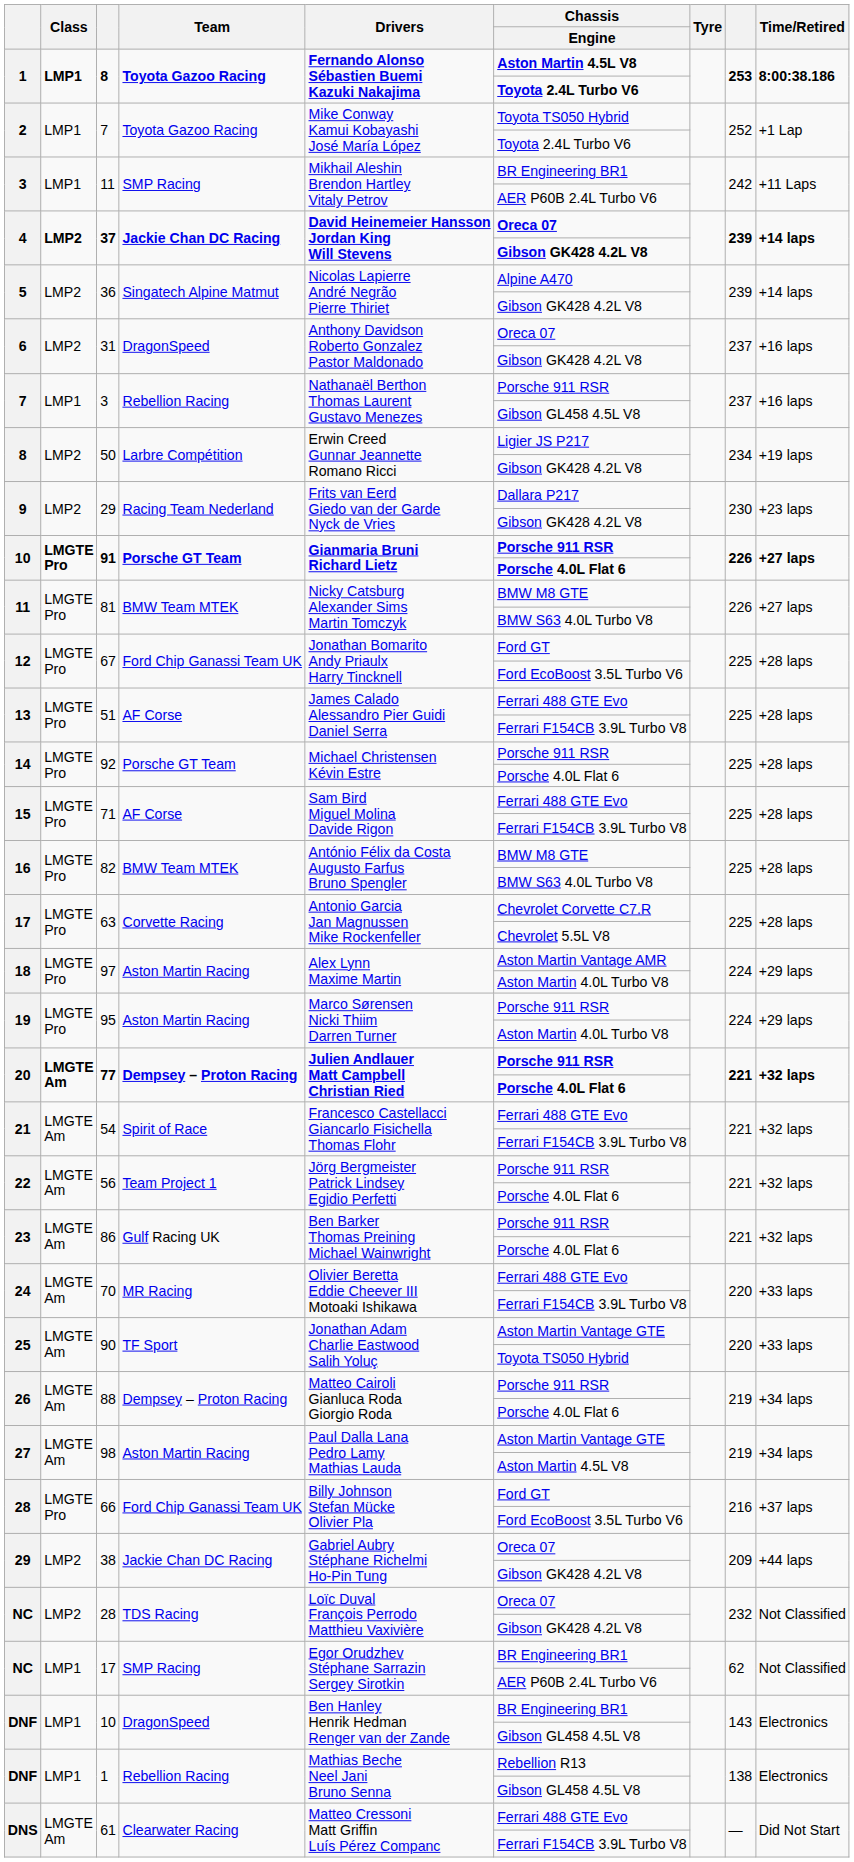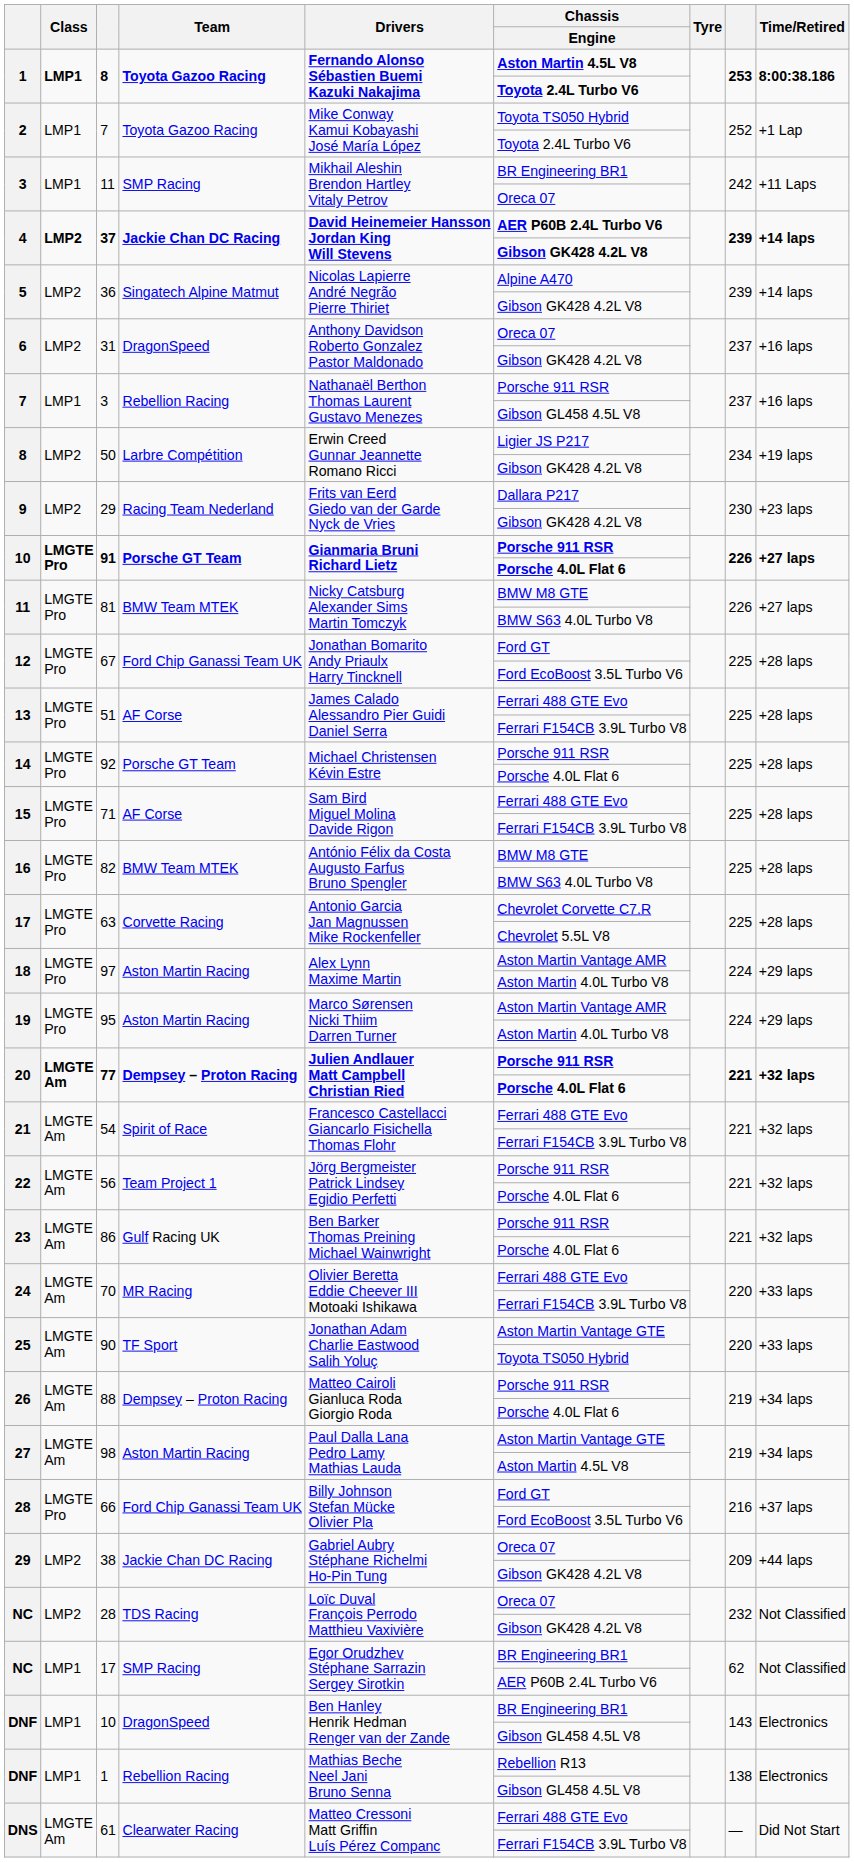 <table class="wikitable" style="font-size:95%;">
 <tr>
 <th rowspan=2></th>
 <th rowspan=2>Class</th>
 <th rowspan=2></th>
 <th rowspan=2>Team</th>
 <th rowspan=2>Drivers</th>
 <th>Chassis</th>
 <th rowspan=2>Tyre</th>
 <th rowspan=2></th>
 <th rowspan=2>Time/Retired</th>
 </tr>
 <tr>
 <th>Engine</th>
 </tr>
 <tr style="font-weight:bold;">
 <th rowspan=2>1</th>
 <td rowspan=2>LMP1</td>
 <td rowspan=2>8</td>
 <td rowspan=2> <a href='#'>Toyota Gazoo Racing</a></td>
 <td rowspan=2> <a href='#'>Fernando Alonso</a><br> <a href='#'>Sébastien Buemi</a><br> <a href='#'>Kazuki Nakajima</a></td>
 <td><a href='#'>Aston Martin</a> 4.5L V8</td>
 <td rowspan=2></td>
 <td rowspan=2>253</td>
 <td rowspan=2>8:00:38.186</td>
 </tr>
 <tr style="font-weight:bold;">
 <td><a href='#'>Toyota</a> 2.4L Turbo V6</td>
 </tr>
 <tr>
 <th rowspan=2>2</th>
 <td rowspan=2>LMP1</td>
 <td rowspan=2>7</td>
 <td rowspan=2> <a href='#'>Toyota Gazoo Racing</a></td>
 <td rowspan=2> <a href='#'>Mike Conway</a><br> <a href='#'>Kamui Kobayashi</a><br> <a href='#'>José María López</a></td>
 <td><a href='#'>Toyota TS050 Hybrid</a></td>
 <td rowspan=2></td>
 <td rowspan=2>252</td>
 <td rowspan=2>+1 Lap</td>
 </tr>
 <tr>
 <td><a href='#'>Toyota</a> 2.4L Turbo V6</td>
 </tr>
 <tr>
 <th rowspan=2>3</th>
 <td rowspan=2>LMP1</td>
 <td rowspan=2>11</td>
 <td rowspan=2> <a href='#'>SMP Racing</a></td>
 <td rowspan=2> <a href='#'>Mikhail Aleshin</a><br> <a href='#'>Brendon Hartley</a><br> <a href='#'>Vitaly Petrov</a></td>
 <td><a href='#'>BR Engineering BR1</a></td>
 <td rowspan=2></td>
 <td rowspan=2>242</td>
 <td rowspan=2>+11 Laps</td>
 </tr>
 <tr>
-<td><a href='#'>AER</a> P60B 2.4L Turbo V6</td>
+<td><a href='#'>Oreca 07</a></td>
 </tr>
 <tr style="font-weight:bold;">
 <th rowspan=2>4</th>
 <td rowspan=2>LMP2</td>
 <td rowspan=2>37</td>
 <td rowspan=2> <a href='#'>Jackie Chan DC Racing</a></td>
 <td rowspan=2> <a href='#'>David Heinemeier Hansson</a><br> <a href='#'>Jordan King</a><br> <a href='#'>Will Stevens</a></td>
-<td><a href='#'>Oreca 07</a></td>
+<td><a href='#'>AER</a> P60B 2.4L Turbo V6</td>
 <td rowspan=2></td>
 <td rowspan=2>239</td>
 <td rowspan=2>+14 laps</td>
 </tr>
 <tr style="font-weight:bold;">
 <td><a href='#'>Gibson</a> GK428 4.2L V8</td>
 </tr>
 <tr>
 <th rowspan=2>5</th>
 <td rowspan=2>LMP2</td>
 <td rowspan=2>36</td>
 <td rowspan=2> <a href='#'>Singatech Alpine Matmut</a></td>
 <td rowspan=2> <a href='#'>Nicolas Lapierre</a><br> <a href='#'>André Negrão</a><br> <a href='#'>Pierre Thiriet</a></td>
 <td><a href='#'>Alpine A470</a></td>
 <td rowspan=2></td>
 <td rowspan=2>239</td>
 <td rowspan=2>+14 laps</td>
 </tr>
 <tr>
 <td><a href='#'>Gibson</a> GK428 4.2L V8</td>
 </tr>
 <tr>
 <th rowspan=2>6</th>
 <td rowspan=2>LMP2</td>
 <td rowspan=2>31</td>
 <td rowspan=2> <a href='#'>DragonSpeed</a></td>
 <td rowspan=2> <a href='#'>Anthony Davidson</a><br> <a href='#'>Roberto Gonzalez</a><br> <a href='#'>Pastor Maldonado</a></td>
 <td><a href='#'>Oreca 07</a></td>
 <td rowspan=2></td>
 <td rowspan=2>237</td>
 <td rowspan=2>+16 laps</td>
 </tr>
 <tr>
 <td><a href='#'>Gibson</a> GK428 4.2L V8</td>
 </tr>
 <tr>
 <th rowspan=2>7</th>
 <td rowspan=2>LMP1</td>
 <td rowspan=2>3</td>
 <td rowspan=2> <a href='#'>Rebellion Racing</a></td>
 <td rowspan=2> <a href='#'>Nathanaël Berthon</a><br> <a href='#'>Thomas Laurent</a><br> <a href='#'>Gustavo Menezes</a></td>
 <td><a href='#'>Porsche 911 RSR</a></td>
 <td rowspan=2></td>
 <td rowspan=2>237</td>
 <td rowspan=2>+16 laps</td>
 </tr>
 <tr>
 <td><a href='#'>Gibson</a> GL458 4.5L V8</td>
 </tr>
 <tr>
 <th rowspan=2>8</th>
 <td rowspan=2>LMP2</td>
 <td rowspan=2>50</td>
 <td rowspan=2> <a href='#'>Larbre Compétition</a></td>
 <td rowspan=2> Erwin Creed<br> <a href='#'>Gunnar Jeannette</a><br> Romano Ricci</td>
 <td><a href='#'>Ligier JS P217</a></td>
 <td rowspan=2></td>
 <td rowspan=2>234</td>
 <td rowspan=2>+19 laps</td>
 </tr>
 <tr>
 <td><a href='#'>Gibson</a> GK428 4.2L V8</td>
 </tr>
 <tr>
 <th rowspan=2>9</th>
 <td rowspan=2>LMP2</td>
 <td rowspan=2>29</td>
 <td rowspan=2> <a href='#'>Racing Team Nederland</a></td>
 <td rowspan=2> <a href='#'>Frits van Eerd</a><br> <a href='#'>Giedo van der Garde</a><br> <a href='#'>Nyck de Vries</a></td>
 <td><a href='#'>Dallara P217</a></td>
 <td rowspan=2></td>
 <td rowspan=2>230</td>
 <td rowspan=2>+23 laps</td>
 </tr>
 <tr>
 <td><a href='#'>Gibson</a> GK428 4.2L V8</td>
 </tr>
 <tr style="font-weight:bold;">
 <th rowspan=2>10</th>
 <td rowspan=2>LMGTE<br>Pro</td>
 <td rowspan=2>91</td>
 <td rowspan=2> <a href='#'>Porsche GT Team</a></td>
 <td rowspan=2> <a href='#'>Gianmaria Bruni</a><br> <a href='#'>Richard Lietz</a></td>
 <td><a href='#'>Porsche 911 RSR</a></td>
 <td rowspan=2></td>
 <td rowspan=2>226</td>
 <td rowspan=2>+27 laps</td>
 </tr>
 <tr style="font-weight:bold;">
 <td><a href='#'>Porsche</a> 4.0L Flat 6</td>
 </tr>
 <tr>
 <th rowspan=2>11</th>
 <td rowspan=2>LMGTE<br>Pro</td>
 <td rowspan=2>81</td>
 <td rowspan=2> <a href='#'>BMW Team MTEK</a></td>
 <td rowspan=2> <a href='#'>Nicky Catsburg</a><br> <a href='#'>Alexander Sims</a><br> <a href='#'>Martin Tomczyk</a></td>
 <td><a href='#'>BMW M8 GTE</a></td>
 <td rowspan=2></td>
 <td rowspan=2>226</td>
 <td rowspan=2>+27 laps</td>
 </tr>
 <tr>
 <td><a href='#'>BMW S63</a> 4.0L Turbo V8</td>
 </tr>
 <tr>
 <th rowspan=2>12</th>
 <td rowspan=2>LMGTE<br>Pro</td>
 <td rowspan=2>67</td>
 <td rowspan=2> <a href='#'>Ford Chip Ganassi Team UK</a></td>
 <td rowspan=2> <a href='#'>Jonathan Bomarito</a><br> <a href='#'>Andy Priaulx</a><br> <a href='#'>Harry Tincknell</a></td>
 <td><a href='#'>Ford GT</a></td>
 <td rowspan=2></td>
 <td rowspan=2>225</td>
 <td rowspan=2>+28 laps</td>
 </tr>
 <tr>
 <td><a href='#'>Ford EcoBoost</a> 3.5L Turbo V6</td>
 </tr>
 <tr>
 <th rowspan=2>13</th>
 <td rowspan=2>LMGTE<br>Pro</td>
 <td rowspan=2>51</td>
 <td rowspan=2> <a href='#'>AF Corse</a></td>
 <td rowspan=2> <a href='#'>James Calado</a><br> <a href='#'>Alessandro Pier Guidi</a><br> <a href='#'>Daniel Serra</a></td>
 <td><a href='#'>Ferrari 488 GTE Evo</a></td>
 <td rowspan=2></td>
 <td rowspan=2>225</td>
 <td rowspan=2>+28 laps</td>
 </tr>
 <tr>
 <td><a href='#'>Ferrari F154CB</a> 3.9L Turbo V8</td>
 </tr>
 <tr>
 <th rowspan=2>14</th>
 <td rowspan=2>LMGTE<br>Pro</td>
 <td rowspan=2>92</td>
 <td rowspan=2> <a href='#'>Porsche GT Team</a></td>
 <td rowspan=2> <a href='#'>Michael Christensen</a><br> <a href='#'>Kévin Estre</a></td>
 <td><a href='#'>Porsche 911 RSR</a></td>
 <td rowspan=2></td>
 <td rowspan=2>225</td>
 <td rowspan=2>+28 laps</td>
 </tr>
 <tr>
 <td><a href='#'>Porsche</a> 4.0L Flat 6</td>
 </tr>
 <tr>
 <th rowspan=2>15</th>
 <td rowspan=2>LMGTE<br>Pro</td>
 <td rowspan=2>71</td>
 <td rowspan=2> <a href='#'>AF Corse</a></td>
 <td rowspan=2> <a href='#'>Sam Bird</a><br> <a href='#'>Miguel Molina</a><br> <a href='#'>Davide Rigon</a></td>
 <td><a href='#'>Ferrari 488 GTE Evo</a></td>
 <td rowspan=2></td>
 <td rowspan=2>225</td>
 <td rowspan=2>+28 laps</td>
 </tr>
 <tr>
 <td><a href='#'>Ferrari F154CB</a> 3.9L Turbo V8</td>
 </tr>
 <tr>
 <th rowspan=2>16</th>
 <td rowspan=2>LMGTE<br>Pro</td>
 <td rowspan=2>82</td>
 <td rowspan=2> <a href='#'>BMW Team MTEK</a></td>
 <td rowspan=2> <a href='#'>António Félix da Costa</a><br> <a href='#'>Augusto Farfus</a><br> <a href='#'>Bruno Spengler</a></td>
 <td><a href='#'>BMW M8 GTE</a></td>
 <td rowspan=2></td>
 <td rowspan=2>225</td>
 <td rowspan=2>+28 laps</td>
 </tr>
 <tr>
 <td><a href='#'>BMW S63</a> 4.0L Turbo V8</td>
 </tr>
 <tr>
 <th rowspan=2>17</th>
 <td rowspan=2>LMGTE<br>Pro</td>
 <td rowspan=2>63</td>
 <td rowspan=2> <a href='#'>Corvette Racing</a></td>
 <td rowspan=2> <a href='#'>Antonio Garcia</a><br> <a href='#'>Jan Magnussen</a><br> <a href='#'>Mike Rockenfeller</a></td>
 <td><a href='#'>Chevrolet Corvette C7.R</a></td>
 <td rowspan=2></td>
 <td rowspan=2>225</td>
 <td rowspan=2>+28 laps</td>
 </tr>
 <tr>
 <td><a href='#'>Chevrolet</a> 5.5L V8</td>
 </tr>
 <tr>
 <th rowspan=2>18</th>
 <td rowspan=2>LMGTE<br>Pro</td>
 <td rowspan=2>97</td>
 <td rowspan=2> <a href='#'>Aston Martin Racing</a></td>
 <td rowspan=2> <a href='#'>Alex Lynn</a><br> <a href='#'>Maxime Martin</a></td>
 <td><a href='#'>Aston Martin Vantage AMR</a></td>
 <td rowspan=2></td>
 <td rowspan=2>224</td>
 <td rowspan=2>+29 laps</td>
 </tr>
 <tr>
 <td><a href='#'>Aston Martin</a> 4.0L Turbo V8</td>
 </tr>
 <tr>
 <th rowspan=2>19</th>
 <td rowspan=2>LMGTE<br>Pro</td>
 <td rowspan=2>95</td>
 <td rowspan=2> <a href='#'>Aston Martin Racing</a></td>
 <td rowspan=2> <a href='#'>Marco Sørensen</a><br> <a href='#'>Nicki Thiim</a><br> <a href='#'>Darren Turner</a></td>
-<td><a href='#'>Porsche 911 RSR</a></td>
+<td><a href='#'>Aston Martin Vantage AMR</a></td>
 <td rowspan=2></td>
 <td rowspan=2>224</td>
 <td rowspan=2>+29 laps</td>
 </tr>
 <tr>
 <td><a href='#'>Aston Martin</a> 4.0L Turbo V8</td>
 </tr>
 <tr style="font-weight:bold;">
 <th rowspan=2>20</th>
 <td rowspan=2>LMGTE<br>Am</td>
 <td rowspan=2>77</td>
 <td rowspan=2> <a href='#'>Dempsey</a> – <a href='#'>Proton Racing</a></td>
 <td rowspan=2> <a href='#'>Julien Andlauer</a><br> <a href='#'>Matt Campbell</a><br> <a href='#'>Christian Ried</a></td>
 <td><a href='#'>Porsche 911 RSR</a></td>
 <td rowspan=2></td>
 <td rowspan=2>221</td>
 <td rowspan=2>+32 laps</td>
 </tr>
 <tr style="font-weight:bold;">
 <td><a href='#'>Porsche</a> 4.0L Flat 6</td>
 </tr>
 <tr>
 <th rowspan=2>21</th>
 <td rowspan=2>LMGTE<br>Am</td>
 <td rowspan=2>54</td>
 <td rowspan=2> <a href='#'>Spirit of Race</a></td>
 <td rowspan=2> <a href='#'>Francesco Castellacci</a><br> <a href='#'>Giancarlo Fisichella</a><br> <a href='#'>Thomas Flohr</a></td>
 <td><a href='#'>Ferrari 488 GTE Evo</a></td>
 <td rowspan=2></td>
 <td rowspan=2>221</td>
 <td rowspan=2>+32 laps</td>
 </tr>
 <tr>
 <td><a href='#'>Ferrari F154CB</a> 3.9L Turbo V8</td>
 </tr>
 <tr>
 <th rowspan=2>22</th>
 <td rowspan=2>LMGTE<br>Am</td>
 <td rowspan=2>56</td>
 <td rowspan=2> <a href='#'>Team Project 1</a></td>
 <td rowspan=2> <a href='#'>Jörg Bergmeister</a><br> <a href='#'>Patrick Lindsey</a><br> <a href='#'>Egidio Perfetti</a></td>
 <td><a href='#'>Porsche 911 RSR</a></td>
 <td rowspan=2></td>
 <td rowspan=2>221</td>
 <td rowspan=2>+32 laps</td>
 </tr>
 <tr>
 <td><a href='#'>Porsche</a> 4.0L Flat 6</td>
 </tr>
 <tr>
 <th rowspan=2>23</th>
 <td rowspan=2>LMGTE<br>Am</td>
 <td rowspan=2>86</td>
 <td rowspan=2> <a href='#'>Gulf</a> Racing UK</td>
 <td rowspan=2> <a href='#'>Ben Barker</a><br> <a href='#'>Thomas Preining</a><br> <a href='#'>Michael Wainwright</a></td>
 <td><a href='#'>Porsche 911 RSR</a></td>
 <td rowspan=2></td>
 <td rowspan=2>221</td>
 <td rowspan=2>+32 laps</td>
 </tr>
 <tr>
 <td><a href='#'>Porsche</a> 4.0L Flat 6</td>
 </tr>
 <tr>
 <th rowspan=2>24</th>
 <td rowspan=2>LMGTE<br>Am</td>
 <td rowspan=2>70</td>
 <td rowspan=2> <a href='#'>MR Racing</a></td>
 <td rowspan=2> <a href='#'>Olivier Beretta</a><br> <a href='#'>Eddie Cheever III</a><br> Motoaki Ishikawa</td>
 <td><a href='#'>Ferrari 488 GTE Evo</a></td>
 <td rowspan=2></td>
 <td rowspan=2>220</td>
 <td rowspan=2>+33 laps</td>
 </tr>
 <tr>
 <td><a href='#'>Ferrari F154CB</a> 3.9L Turbo V8</td>
 </tr>
 <tr>
 <th rowspan=2>25</th>
 <td rowspan=2>LMGTE<br>Am</td>
 <td rowspan=2>90</td>
 <td rowspan=2> <a href='#'>TF Sport</a></td>
 <td rowspan=2> <a href='#'>Jonathan Adam</a><br> <a href='#'>Charlie Eastwood</a><br> <a href='#'>Salih Yoluç</a></td>
 <td><a href='#'>Aston Martin Vantage GTE</a></td>
 <td rowspan=2></td>
 <td rowspan=2>220</td>
 <td rowspan=2>+33 laps</td>
 </tr>
 <tr>
 <td><a href='#'>Toyota TS050 Hybrid</a></td>
 </tr>
 <tr>
 <th rowspan=2>26</th>
 <td rowspan=2>LMGTE<br>Am</td>
 <td rowspan=2>88</td>
 <td rowspan=2> <a href='#'>Dempsey</a> – <a href='#'>Proton Racing</a></td>
 <td rowspan=2> <a href='#'>Matteo Cairoli</a><br> Gianluca Roda<br> Giorgio Roda</td>
 <td><a href='#'>Porsche 911 RSR</a></td>
 <td rowspan=2></td>
 <td rowspan=2>219</td>
 <td rowspan=2>+34 laps</td>
 </tr>
 <tr>
 <td><a href='#'>Porsche</a> 4.0L Flat 6</td>
 </tr>
 <tr>
 <th rowspan=2>27</th>
 <td rowspan=2>LMGTE<br>Am</td>
 <td rowspan=2>98</td>
 <td rowspan=2> <a href='#'>Aston Martin Racing</a></td>
 <td rowspan=2> <a href='#'>Paul Dalla Lana</a><br> <a href='#'>Pedro Lamy</a><br> <a href='#'>Mathias Lauda</a></td>
 <td><a href='#'>Aston Martin Vantage GTE</a></td>
 <td rowspan=2></td>
 <td rowspan=2>219</td>
 <td rowspan=2>+34 laps</td>
 </tr>
 <tr>
 <td><a href='#'>Aston Martin</a> 4.5L V8</td>
 </tr>
 <tr>
 <th rowspan=2>28</th>
 <td rowspan=2>LMGTE<br>Pro</td>
 <td rowspan=2>66</td>
 <td rowspan=2> <a href='#'>Ford Chip Ganassi Team UK</a></td>
 <td rowspan=2> <a href='#'>Billy Johnson</a><br> <a href='#'>Stefan Mücke</a><br> <a href='#'>Olivier Pla</a></td>
 <td><a href='#'>Ford GT</a></td>
 <td rowspan=2></td>
 <td rowspan=2>216</td>
 <td rowspan=2>+37 laps</td>
 </tr>
 <tr>
 <td><a href='#'>Ford EcoBoost</a> 3.5L Turbo V6</td>
 </tr>
 <tr>
 <th rowspan=2>29</th>
 <td rowspan=2>LMP2</td>
 <td rowspan=2>38</td>
 <td rowspan=2> <a href='#'>Jackie Chan DC Racing</a></td>
 <td rowspan=2> <a href='#'>Gabriel Aubry</a><br> <a href='#'>Stéphane Richelmi</a><br> <a href='#'>Ho-Pin Tung</a></td>
 <td><a href='#'>Oreca 07</a></td>
 <td rowspan=2></td>
 <td rowspan=2>209</td>
 <td rowspan=2>+44 laps</td>
 </tr>
 <tr>
 <td><a href='#'>Gibson</a> GK428 4.2L V8</td>
 </tr>
 <tr>
 <th rowspan=2>NC</th>
 <td rowspan=2>LMP2</td>
 <td rowspan=2>28</td>
 <td rowspan=2> <a href='#'>TDS Racing</a></td>
 <td rowspan=2> <a href='#'>Loïc Duval</a><br> <a href='#'>François Perrodo</a><br> <a href='#'>Matthieu Vaxivière</a></td>
 <td><a href='#'>Oreca 07</a></td>
 <td rowspan=2></td>
 <td rowspan=2>232</td>
 <td rowspan=2>Not Classified</td>
 </tr>
 <tr>
 <td><a href='#'>Gibson</a> GK428 4.2L V8</td>
 </tr>
 <tr>
 <th rowspan=2>NC</th>
 <td rowspan=2>LMP1</td>
 <td rowspan=2>17</td>
 <td rowspan=2> <a href='#'>SMP Racing</a></td>
 <td rowspan=2> <a href='#'>Egor Orudzhev</a><br> <a href='#'>Stéphane Sarrazin</a><br> <a href='#'>Sergey Sirotkin</a></td>
 <td><a href='#'>BR Engineering BR1</a></td>
 <td rowspan=2></td>
 <td rowspan=2>62</td>
 <td rowspan=2>Not Classified</td>
 </tr>
 <tr>
 <td><a href='#'>AER</a> P60B 2.4L Turbo V6</td>
 </tr>
 <tr>
 <th rowspan=2>DNF</th>
 <td rowspan=2>LMP1</td>
 <td rowspan=2>10</td>
 <td rowspan=2> <a href='#'>DragonSpeed</a></td>
 <td rowspan=2> <a href='#'>Ben Hanley</a><br> Henrik Hedman<br> <a href='#'>Renger van der Zande</a></td>
 <td><a href='#'>BR Engineering BR1</a></td>
 <td rowspan=2></td>
 <td rowspan=2>143</td>
 <td rowspan=2>Electronics</td>
 </tr>
 <tr>
 <td><a href='#'>Gibson</a> GL458 4.5L V8</td>
 </tr>
 <tr>
 <th rowspan=2>DNF</th>
 <td rowspan=2>LMP1</td>
 <td rowspan=2>1</td>
 <td rowspan=2> <a href='#'>Rebellion Racing</a></td>
 <td rowspan=2> <a href='#'>Mathias Beche</a><br> <a href='#'>Neel Jani</a><br> <a href='#'>Bruno Senna</a></td>
 <td><a href='#'>Rebellion</a> R13</td>
 <td rowspan=2></td>
 <td rowspan=2>138</td>
 <td rowspan=2>Electronics</td>
 </tr>
 <tr>
 <td><a href='#'>Gibson</a> GL458 4.5L V8</td>
 </tr>
 <tr>
 <th rowspan=2>DNS</th>
 <td rowspan=2>LMGTE<br>Am</td>
 <td rowspan=2>61</td>
 <td rowspan=2> <a href='#'>Clearwater Racing</a></td>
 <td rowspan=2> <a href='#'>Matteo Cressoni</a><br> Matt Griffin<br> <a href='#'>Luís Pérez Companc</a></td>
 <td><a href='#'>Ferrari 488 GTE Evo</a></td>
 <td rowspan=2></td>
 <td rowspan=2>—</td>
 <td rowspan=2>Did Not Start</td>
 </tr>
 <tr>
 <td><a href='#'>Ferrari F154CB</a> 3.9L Turbo V8</td>
 </tr>
 </table>
